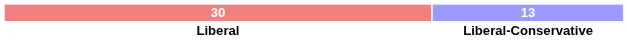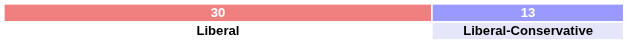 <table style="width:60%; text-align:center;">
 <tr style="color:white;">
 <td style="background:#F08080; width:67.77%;"><strong>30</strong></td>
 <td style="background:#9999FF; width:30.23%;"><strong>13</strong></td>
 </tr>
 <tr>
 <td><span><strong>Liberal</strong></span></td>
-<td><span><strong>Liberal-Conservative</strong></span></td>
+<td style="background: lavender;"><span><strong>Liberal-Conservative</strong></span></td>
 </tr>
 </table>
